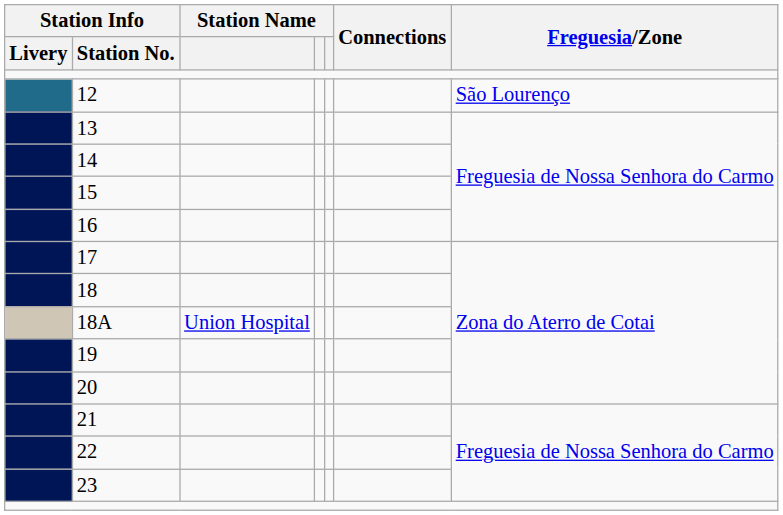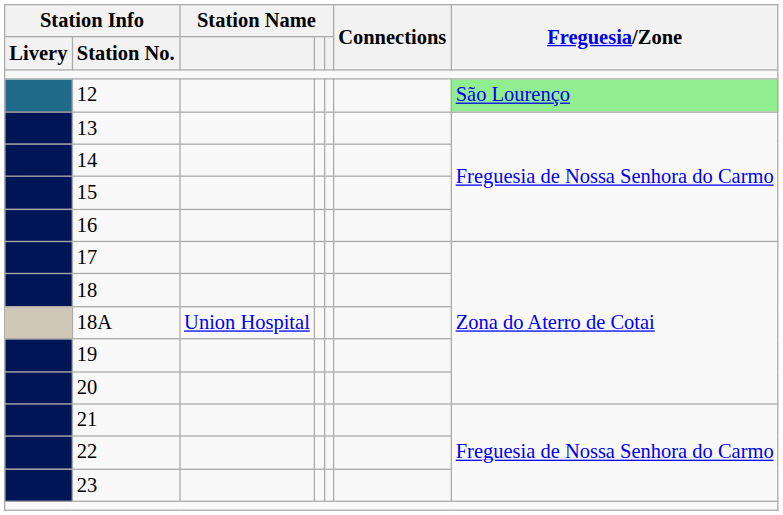 <table class="wikitable">
 <tr>
 <th colspan="2">Station Info</th>
 <th colspan="3">Station Name</th>
 <th rowspan="2">Connections</th>
 <th rowspan="2"><a href='#'>Freguesia</a>/Zone</th>
 </tr>
 <tr>
 <th>Livery</th>
 <th>Station No.</th>
 <th></th>
 <th></th>
 <th></th>
 </tr>
 <tr style="background:#">
 <td colspan="8"></td>
 </tr>
 <tr>
 <td style="background-color:#206a8a;"></td>
 <td>12</td>
 <td></td>
 <td></td>
 <td></td>
 <td></td>
-<td><a href='#'>São Lourenço</a></td>
+<td style="background: lightgreen;"><a href='#'>São Lourenço</a></td>
 </tr>
 <tr>
 <td style="background-color:#001555;"></td>
 <td>13</td>
 <td></td>
 <td></td>
 <td></td>
 <td></td>
 <td rowspan="4"><a href='#'>Freguesia de Nossa Senhora do Carmo</a></td>
 </tr>
 <tr>
 <td style="background-color:#001555;"></td>
 <td>14</td>
 <td></td>
 <td></td>
 <td></td>
 <td></td>
 </tr>
 <tr>
 <td style="background-color:#001555;"></td>
 <td>15</td>
 <td></td>
 <td></td>
 <td></td>
 <td></td>
 </tr>
 <tr>
 <td style="background-color:#001555;"></td>
 <td>16</td>
 <td></td>
 <td></td>
 <td></td>
 <td></td>
 </tr>
 <tr>
 <td style="background-color:#001555;"></td>
 <td>17</td>
 <td></td>
 <td></td>
 <td></td>
 <td></td>
 <td rowspan="5"><a href='#'>Zona do Aterro de Cotai</a></td>
 </tr>
 <tr>
 <td style="background-color:#001555;"></td>
 <td>18</td>
 <td></td>
 <td></td>
 <td></td>
 <td></td>
 </tr>
 <tr>
 <td style="background-color:#d0c6b6;"></td>
 <td>18A</td>
 <td><a href='#'>Union Hospital</a></td>
 <td></td>
 <td></td>
 <td></td>
 </tr>
 <tr>
 <td style="background-color:#001555;"></td>
 <td>19</td>
 <td></td>
 <td></td>
 <td></td>
 <td></td>
 </tr>
 <tr>
 <td style="background-color:#001555;"></td>
 <td>20</td>
 <td></td>
 <td></td>
 <td></td>
 <td></td>
 </tr>
 <tr>
 <td style="background-color:#001555;"></td>
 <td>21</td>
 <td></td>
 <td></td>
 <td></td>
 <td></td>
 <td rowspan="3"><a href='#'>Freguesia de Nossa Senhora do Carmo</a></td>
 </tr>
 <tr>
 <td style="background-color:#001555;"></td>
 <td>22</td>
 <td></td>
 <td></td>
 <td></td>
 <td></td>
 </tr>
 <tr>
 <td style="background-color:#001555;"></td>
 <td>23</td>
 <td></td>
 <td></td>
 <td></td>
 <td> </td>
 </tr>
 <tr style="background:#">
 <td colspan="8"></td>
 </tr>
 </table>
